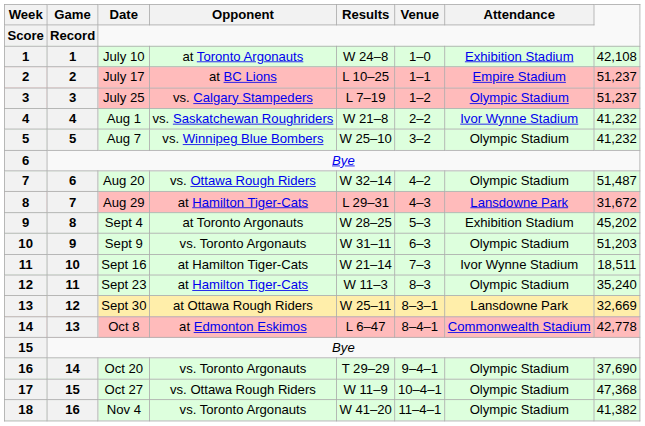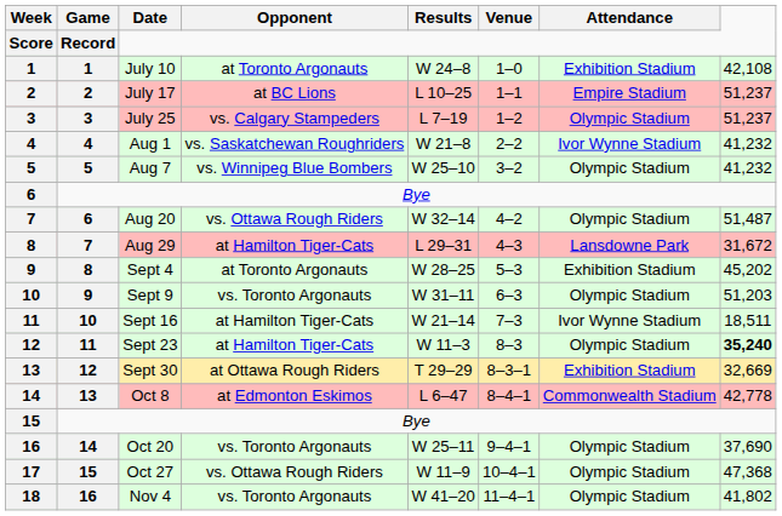 <table class="wikitable" style="text-align:center">
 <tr>
 <th>Week</th>
 <th>Game</th>
 <th>Date</th>
 <th>Opponent</th>
 <th>Results</th>
 <th>Venue</th>
 <th>Attendance</th>
 </tr>
 <tr>
 <th>Score</th>
 <th>Record</th>
 </tr>
 <tr style="background:#ddffdd">
 <th>1</th>
 <th>1</th>
 <td>July 10</td>
 <td>at <a href='#'>Toronto Argonauts</a></td>
 <td>W 24–8</td>
 <td>1–0</td>
 <td><a href='#'>Exhibition Stadium</a></td>
 <td>42,108</td>
 </tr>
 <tr style="background:#ffbbbb">
 <th>2</th>
 <th>2</th>
 <td>July 17</td>
 <td>at <a href='#'>BC Lions</a></td>
 <td>L 10–25</td>
 <td>1–1</td>
 <td><a href='#'>Empire Stadium</a></td>
 <td>51,237</td>
 </tr>
 <tr style="background:#ffbbbb">
 <th>3</th>
 <th>3</th>
 <td>July 25</td>
 <td>vs. <a href='#'>Calgary Stampeders</a></td>
 <td>L 7–19</td>
 <td>1–2</td>
 <td><a href='#'>Olympic Stadium</a></td>
 <td>51,237</td>
 </tr>
 <tr style="background:#ddffdd">
 <th>4</th>
 <th>4</th>
 <td>Aug 1</td>
 <td>vs. <a href='#'>Saskatchewan Roughriders</a></td>
 <td>W 21–8</td>
 <td>2–2</td>
 <td><a href='#'>Ivor Wynne Stadium</a></td>
 <td>41,232</td>
 </tr>
 <tr style="background:#ddffdd">
 <th>5</th>
 <th>5</th>
 <td>Aug 7</td>
 <td>vs. <a href='#'>Winnipeg Blue Bombers</a></td>
 <td>W 25–10</td>
 <td>3–2</td>
 <td>Olympic Stadium</td>
 <td>41,232</td>
 </tr>
 <tr>
 <th>6</th>
 <td colspan=7><em><a href='#'>Bye</a></em></td>
 </tr>
 <tr style="background:#ddffdd">
 <th>7</th>
 <th>6</th>
 <td>Aug 20</td>
 <td>vs. <a href='#'>Ottawa Rough Riders</a></td>
 <td>W 32–14</td>
 <td>4–2</td>
 <td>Olympic Stadium</td>
 <td>51,487</td>
 </tr>
 <tr style="background:#ffbbbb">
 <th>8</th>
 <th>7</th>
 <td>Aug 29</td>
 <td>at <a href='#'>Hamilton Tiger-Cats</a></td>
 <td>L 29–31</td>
 <td>4–3</td>
 <td><a href='#'>Lansdowne Park</a></td>
 <td>31,672</td>
 </tr>
 <tr style="background:#ddffdd">
 <th>9</th>
 <th>8</th>
 <td>Sept 4</td>
 <td>at Toronto Argonauts</td>
 <td>W 28–25</td>
 <td>5–3</td>
 <td>Exhibition Stadium</td>
 <td>45,202</td>
 </tr>
 <tr style="background:#ddffdd">
 <th>10</th>
 <th>9</th>
 <td>Sept 9</td>
 <td>vs. Toronto Argonauts</td>
 <td>W 31–11</td>
 <td>6–3</td>
 <td>Olympic Stadium</td>
 <td>51,203</td>
 </tr>
 <tr style="background:#ddffdd">
 <th>11</th>
 <th>10</th>
 <td>Sept 16</td>
 <td>at Hamilton Tiger-Cats</td>
 <td>W 21–14</td>
 <td>7–3</td>
 <td>Ivor Wynne Stadium</td>
 <td>18,511</td>
 </tr>
 <tr style="background:#ddffdd">
 <th>12</th>
 <th>11</th>
 <td>Sept 23</td>
 <td>at <a href='#'>Hamilton Tiger-Cats</a></td>
 <td>W 11–3</td>
 <td>8–3</td>
 <td>Olympic Stadium</td>
-<td>35,240</td>
+<td><strong>35,240</strong></td>
 </tr>
 <tr style="background:#ffeeaa">
 <th>13</th>
 <th>12</th>
 <td>Sept 30</td>
 <td>at Ottawa Rough Riders</td>
-<td>W 25–11</td>
+<td>T 29–29</td>
 <td>8–3–1</td>
-<td>Lansdowne Park</td>
+<td><a href='#'>Exhibition Stadium</a></td>
 <td>32,669</td>
 </tr>
 <tr style="background:#ffbbbb">
 <th>14</th>
 <th>13</th>
 <td>Oct 8</td>
 <td>at <a href='#'>Edmonton Eskimos</a></td>
 <td>L 6–47</td>
 <td>8–4–1</td>
 <td><a href='#'>Commonwealth Stadium</a></td>
 <td>42,778</td>
 </tr>
 <tr>
 <th>15</th>
 <td colspan=7><em>Bye</em></td>
 </tr>
 <tr style="background:#ddffdd">
 <th>16</th>
 <th>14</th>
 <td>Oct 20</td>
 <td>vs. Toronto Argonauts</td>
-<td>T 29–29</td>
+<td>W 25–11</td>
 <td>9–4–1</td>
 <td>Olympic Stadium</td>
 <td>37,690</td>
 </tr>
 <tr style="background:#ddffdd">
 <th>17</th>
 <th>15</th>
 <td>Oct 27</td>
 <td>vs. Ottawa Rough Riders</td>
 <td>W 11–9</td>
 <td>10–4–1</td>
 <td>Olympic Stadium</td>
 <td>47,368</td>
 </tr>
 <tr style="background:#ddffdd">
 <th>18</th>
 <th>16</th>
 <td>Nov 4</td>
 <td>vs. Toronto Argonauts</td>
 <td>W 41–20</td>
 <td>11–4–1</td>
 <td>Olympic Stadium</td>
-<td>41,382</td>
+<td>41,802</td>
 </tr>
 </table>
